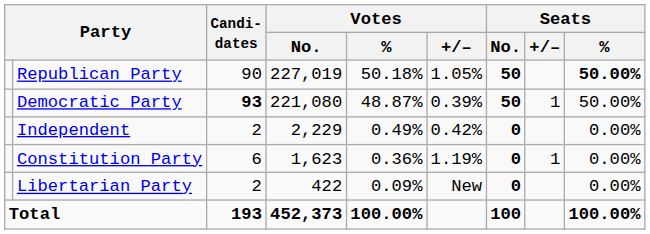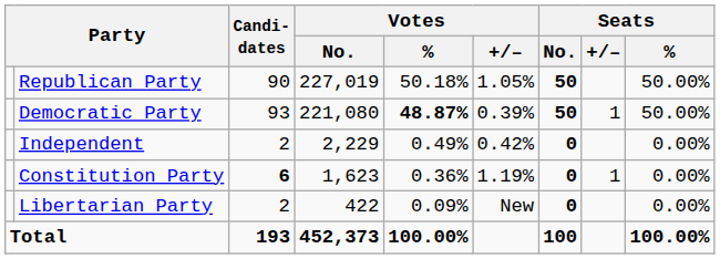 <table class="wikitable" style="font-size:100%; text-align:right;">
 <tr>
 <th colspan=2 rowspan=2>Party</th>
 <th rowspan=2><small>Candi-<br>dates</small></th>
 <th colspan=3>Votes</th>
 <th colspan=3>Seats</th>
 </tr>
 <tr>
 <th>No.</th>
 <th>%</th>
 <th>+/–</th>
 <th>No.</th>
 <th>+/–</th>
 <th>%</th>
 </tr>
 <tr>
 <td style="background:"></td>
 <td style="text-align:left"><a href='#'>Republican Party</a></td>
 <td>90</td>
 <td>227,019</td>
 <td>50.18%</td>
 <td>1.05%</td>
 <td><strong>50</strong></td>
 <td></td>
-<td><strong>50.00%</strong></td>
+<td>50.00%</td>
 </tr>
 <tr>
 <td style="background:"></td>
 <td style="text-align:left"><a href='#'>Democratic Party</a></td>
-<td><strong>93</strong></td>
+<td>93</td>
 <td>221,080</td>
-<td>48.87%</td>
+<td><strong>48.87%</strong></td>
 <td>0.39%</td>
 <td><strong>50</strong></td>
 <td>1</td>
 <td>50.00%</td>
 </tr>
 <tr>
 <td style="background:"></td>
 <td style="text-align:left"><a href='#'>Independent</a></td>
 <td>2</td>
 <td>2,229</td>
 <td>0.49%</td>
 <td>0.42%</td>
 <td><strong>0</strong></td>
 <td></td>
 <td>0.00%</td>
 </tr>
 <tr>
 <td style="background:"></td>
 <td style="text-align:left"><a href='#'>Constitution Party</a></td>
-<td>6</td>
+<td><strong>6</strong></td>
 <td>1,623</td>
 <td>0.36%</td>
 <td>1.19%</td>
 <td><strong>0</strong></td>
 <td>1</td>
 <td>0.00%</td>
 </tr>
 <tr>
 <td style="background:"></td>
 <td style="text-align:left"><a href='#'>Libertarian Party</a></td>
 <td>2</td>
 <td>422</td>
 <td>0.09%</td>
 <td>New</td>
 <td><strong>0</strong></td>
 <td></td>
 <td>0.00%</td>
 </tr>
 <tr style="font-weight:bold">
 <td colspan=2 style="text-align:left">Total</td>
 <td>193</td>
 <td>452,373</td>
 <td>100.00%</td>
 <td></td>
 <td>100</td>
 <td></td>
 <td>100.00%</td>
 </tr>
 </table>
